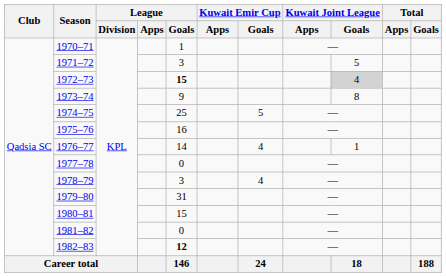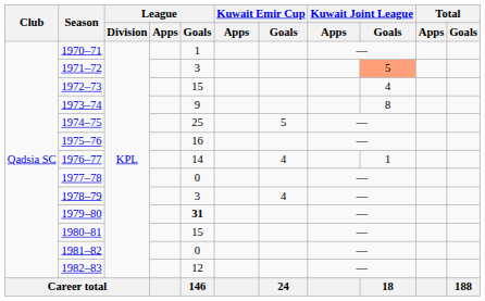 <table class="wikitable" style="text-align:center">
 <tr>
 <th rowspan="2">Club</th>
 <th rowspan="2">Season</th>
 <th colspan="3">League</th>
 <th colspan="2"><a href='#'>Kuwait Emir Cup</a></th>
 <th colspan="2"><a href='#'>Kuwait Joint League</a></th>
 <th colspan="2">Total</th>
 </tr>
 <tr>
 <th>Division</th>
 <th>Apps</th>
 <th>Goals</th>
 <th>Apps</th>
 <th>Goals</th>
 <th>Apps</th>
 <th>Goals</th>
 <th>Apps</th>
 <th>Goals</th>
 </tr>
 <tr align=center>
 <td rowspan="13" align=center valign=center><a href='#'>Qadsia SC</a></td>
 <td><a href='#'>1970–71</a></td>
 <td rowspan="13"><a href='#'>KPL</a></td>
 <td></td>
 <td>1</td>
 <td></td>
 <td></td>
 <td colspan="2">—</td>
 <td></td>
 <td></td>
 </tr>
 <tr>
 <td><a href='#'>1971–72</a></td>
 <td></td>
 <td>3</td>
 <td></td>
 <td></td>
 <td></td>
-<td>5</td>
+<td style="background: lightsalmon;">5</td>
 <td></td>
 <td></td>
 </tr>
 <tr>
 <td><a href='#'>1972–73</a></td>
 <td></td>
-<td><strong>15</strong></td>
+<td>15</td>
 <td></td>
 <td></td>
 <td></td>
-<td style="background: lightgrey;">4</td>
+<td>4</td>
 <td></td>
 <td></td>
 </tr>
 <tr>
 <td><a href='#'>1973–74</a></td>
 <td></td>
 <td>9</td>
 <td></td>
 <td></td>
 <td></td>
 <td>8</td>
 <td></td>
 <td></td>
 </tr>
 <tr>
 <td><a href='#'>1974–75</a></td>
 <td></td>
 <td>25</td>
 <td></td>
 <td>5</td>
 <td colspan="2">—</td>
 <td></td>
 <td></td>
 </tr>
 <tr>
 <td><a href='#'>1975–76</a></td>
 <td></td>
 <td>16</td>
 <td></td>
 <td></td>
 <td colspan="2">—</td>
 <td></td>
 <td></td>
 </tr>
 <tr>
 <td><a href='#'>1976–77</a></td>
 <td></td>
 <td>14</td>
 <td></td>
 <td>4</td>
 <td></td>
 <td>1</td>
 <td></td>
 <td></td>
 </tr>
 <tr>
 <td><a href='#'>1977–78</a></td>
 <td></td>
 <td>0</td>
 <td></td>
 <td></td>
 <td colspan="2">—</td>
 <td></td>
 <td></td>
 </tr>
 <tr>
 <td><a href='#'>1978–79</a></td>
 <td></td>
 <td>3</td>
 <td></td>
 <td>4</td>
 <td colspan="2">—</td>
 <td></td>
 <td></td>
 </tr>
 <tr>
 <td><a href='#'>1979–80</a></td>
 <td></td>
-<td>31</td>
+<td><strong>31</strong></td>
 <td></td>
 <td></td>
 <td colspan="2">—</td>
 <td></td>
 <td></td>
 </tr>
 <tr>
 <td><a href='#'>1980–81</a></td>
 <td></td>
 <td>15</td>
 <td></td>
 <td></td>
 <td colspan="2">—</td>
 <td></td>
 <td></td>
 </tr>
 <tr>
 <td><a href='#'>1981–82</a></td>
 <td></td>
 <td>0</td>
 <td></td>
 <td></td>
 <td colspan="2">—</td>
 <td></td>
 <td></td>
 </tr>
 <tr>
 <td><a href='#'>1982–83</a></td>
 <td></td>
-<td><strong>12</strong></td>
+<td>12</td>
 <td></td>
 <td></td>
 <td colspan="2">—</td>
 <td></td>
 <td></td>
 </tr>
 <tr align=center>
 <th colspan="3">Career total</th>
 <th></th>
 <th>146</th>
 <th></th>
 <th>24</th>
 <th></th>
 <th>18</th>
 <th></th>
 <th>188</th>
 </tr>
 </table>
